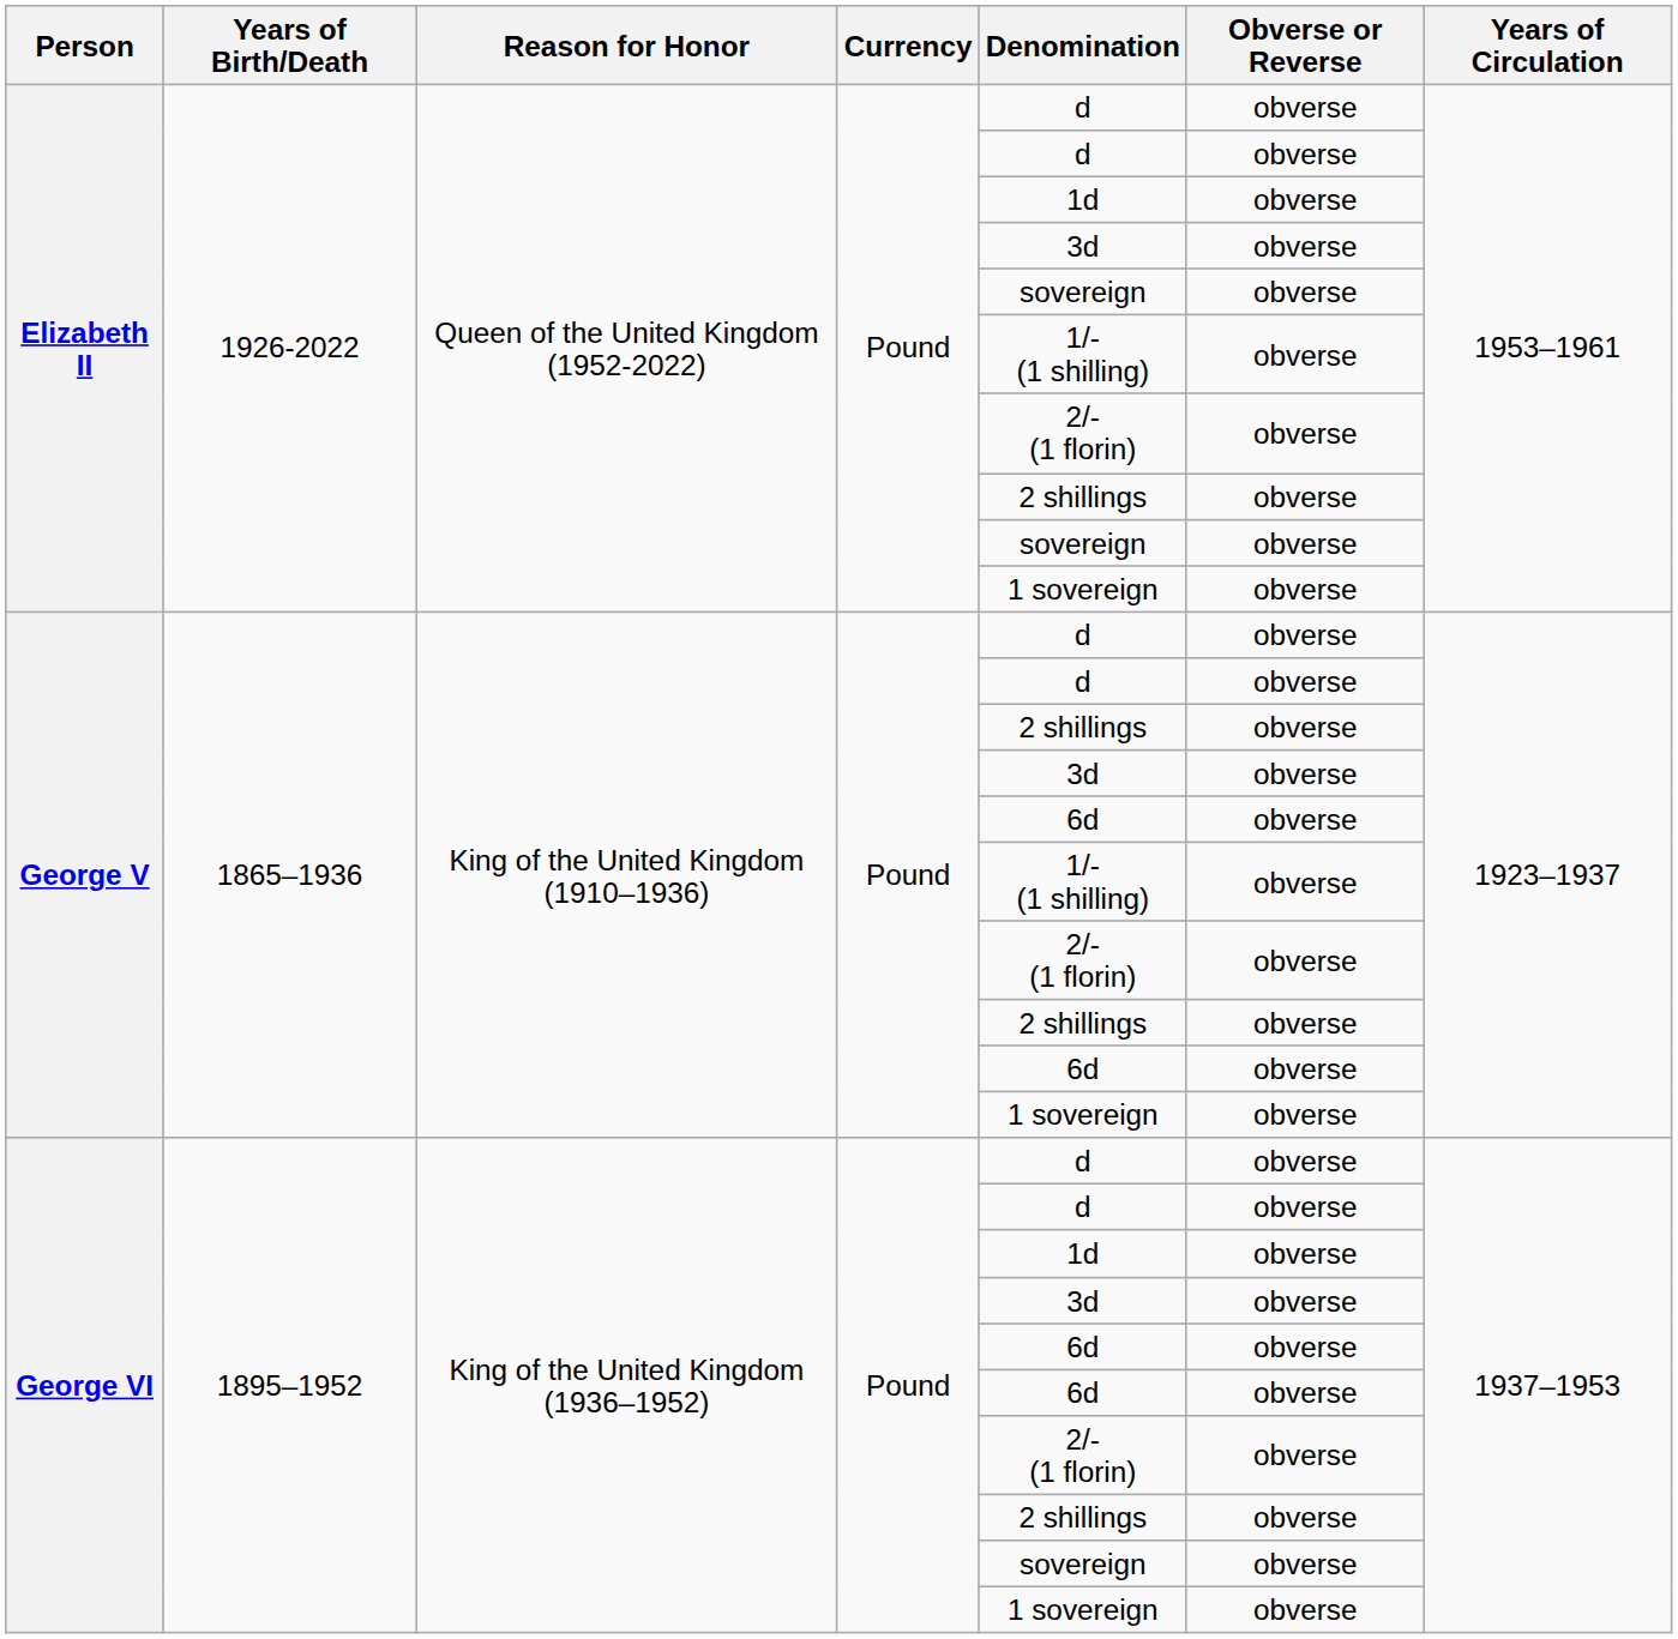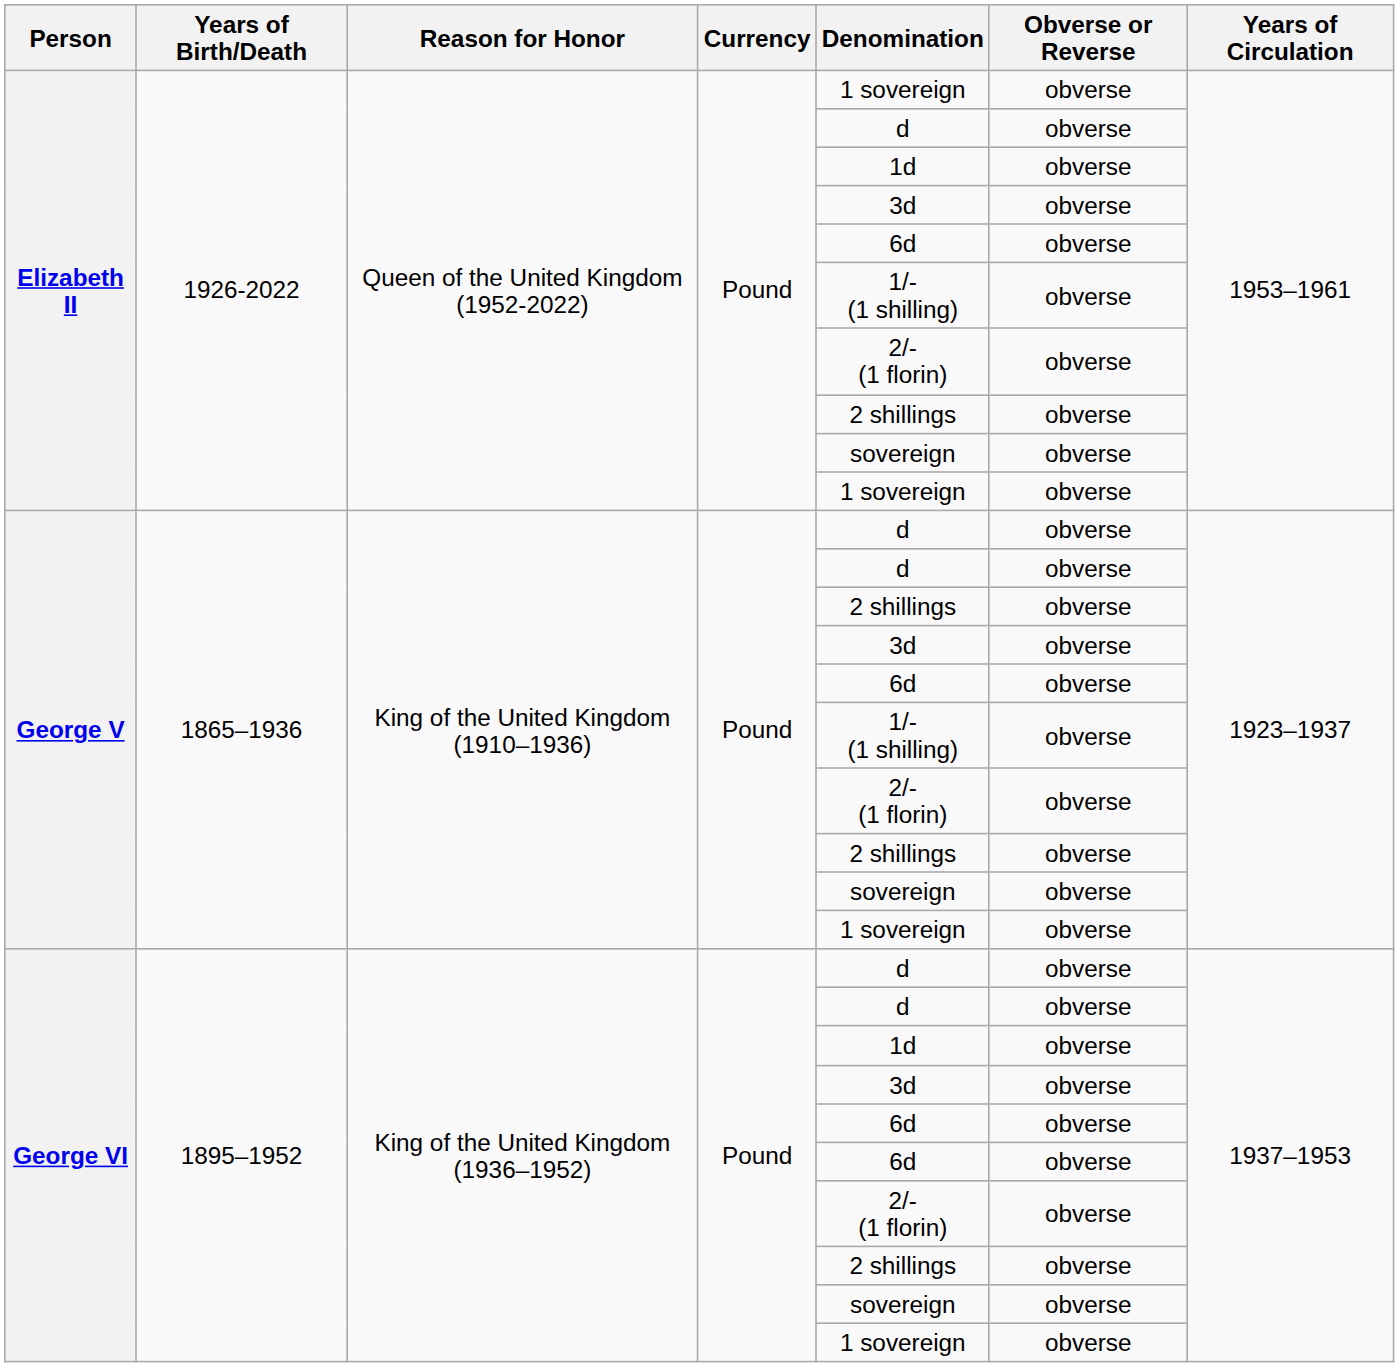 <table class="wikitable" style="font-size:95%; text-align:center;">
 <tr>
 <th>Person</th>
 <th>Years of Birth/Death</th>
 <th>Reason for Honor</th>
 <th>Currency</th>
 <th>Denomination</th>
 <th>Obverse or Reverse</th>
 <th>Years of Circulation</th>
 </tr>
 <tr>
 <th rowspan="10"><a href='#'>Elizabeth II</a></th>
 <td rowspan="10">1926-2022</td>
 <td rowspan="10">Queen of the United Kingdom (1952-2022)</td>
 <td rowspan="10">Pound</td>
-<td><small></small>d</td>
+<td>1 sovereign</td>
 <td>obverse</td>
 <td rowspan="10">1953–1961</td>
 </tr>
 <tr>
 <td><small></small>d</td>
 <td>obverse</td>
 </tr>
 <tr>
 <td>1d</td>
 <td>obverse</td>
 </tr>
 <tr>
 <td>3d</td>
 <td>obverse</td>
 </tr>
 <tr>
-<td><small></small> sovereign</td>
+<td>6d</td>
 <td>obverse</td>
 </tr>
 <tr>
 <td>1/-<br>(1 shilling)</td>
 <td>obverse</td>
 </tr>
 <tr>
 <td>2/-<br>(1 florin)</td>
 <td>obverse</td>
 </tr>
 <tr>
 <td>2<small></small> shillings</td>
 <td>obverse</td>
 </tr>
 <tr>
 <td><small></small> sovereign</td>
 <td>obverse</td>
 </tr>
 <tr>
 <td>1 sovereign</td>
 <td>obverse</td>
 </tr>
 <tr>
 <th rowspan="10"><a href='#'>George V</a></th>
 <td rowspan="10">1865–1936</td>
 <td rowspan="10">King of the United Kingdom (1910–1936)</td>
 <td rowspan="10">Pound</td>
 <td><small></small>d</td>
 <td>obverse</td>
 <td rowspan="10">1923–1937</td>
 </tr>
 <tr>
 <td><small></small>d</td>
 <td>obverse</td>
 </tr>
 <tr>
 <td>2<small></small> shillings</td>
 <td>obverse</td>
 </tr>
 <tr>
 <td>3d</td>
 <td>obverse</td>
 </tr>
 <tr>
 <td>6d</td>
 <td>obverse</td>
 </tr>
 <tr>
 <td>1/-<br>(1 shilling)</td>
 <td>obverse</td>
 </tr>
 <tr>
 <td>2/-<br>(1 florin)</td>
 <td>obverse</td>
 </tr>
 <tr>
 <td>2<small></small> shillings</td>
 <td>obverse</td>
 </tr>
 <tr>
-<td>6d</td>
+<td><small></small> sovereign</td>
 <td>obverse</td>
 </tr>
 <tr>
 <td>1 sovereign</td>
 <td>obverse</td>
 </tr>
 <tr>
 <th rowspan="10"><a href='#'>George VI</a></th>
 <td rowspan="10">1895–1952</td>
 <td rowspan="10">King of the United Kingdom (1936–1952)</td>
 <td rowspan="10">Pound</td>
 <td><small></small>d</td>
 <td>obverse</td>
 <td rowspan="10">1937–1953</td>
 </tr>
 <tr>
 <td><small></small>d</td>
 <td>obverse</td>
 </tr>
 <tr>
 <td>1d</td>
 <td>obverse</td>
 </tr>
 <tr>
 <td>3d</td>
 <td>obverse</td>
 </tr>
 <tr>
 <td>6d</td>
 <td>obverse</td>
 </tr>
 <tr>
 <td>6d</td>
 <td>obverse</td>
 </tr>
 <tr>
 <td>2/-<br>(1 florin)</td>
 <td>obverse</td>
 </tr>
 <tr>
 <td>2<small></small> shillings</td>
 <td>obverse</td>
 </tr>
 <tr>
 <td><small></small> sovereign</td>
 <td>obverse</td>
 </tr>
 <tr>
 <td>1 sovereign</td>
 <td>obverse</td>
 </tr>
 </table>
